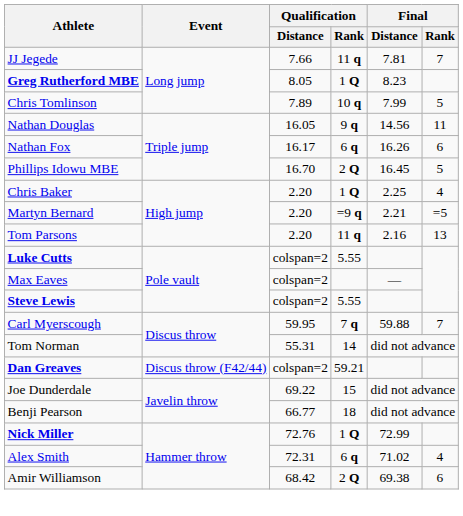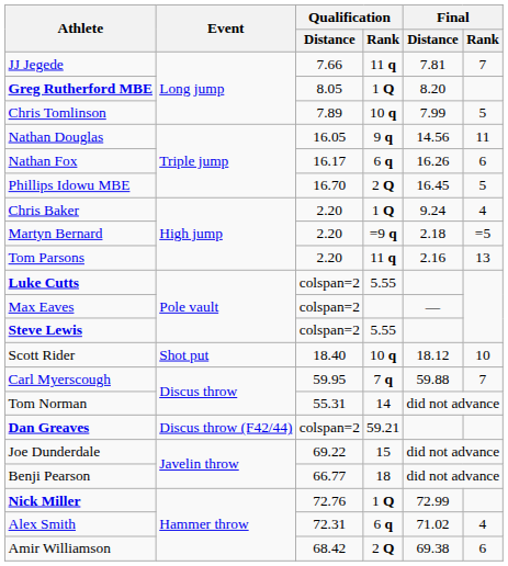 <table class="wikitable" style="font-size:90%">
 <tr>
 <th rowspan=2>Athlete</th>
 <th rowspan=2>Event</th>
 <th colspan=2>Qualification</th>
 <th colspan=2>Final</th>
 </tr>
 <tr style="font-size:95%">
 <th>Distance</th>
 <th>Rank</th>
 <th>Distance</th>
 <th>Rank</th>
 </tr>
 <tr align=center>
 <td align=left><a href='#'>JJ Jegede</a></td>
 <td style="text-align:left;" rowspan="3"><a href='#'>Long jump</a></td>
 <td>7.66</td>
 <td>11 <strong>q</strong></td>
 <td>7.81</td>
 <td>7</td>
 </tr>
 <tr align=center>
 <td align=left><strong><a href='#'>Greg Rutherford MBE</a></strong></td>
 <td>8.05</td>
 <td>1 <strong>Q</strong></td>
-<td>8.23</td>
+<td>8.20</td>
 <td></td>
 </tr>
 <tr align=center>
 <td align=left><a href='#'>Chris Tomlinson</a></td>
 <td>7.89</td>
 <td>10 <strong>q</strong></td>
 <td>7.99</td>
 <td>5</td>
 </tr>
 <tr align=center>
 <td align=left><a href='#'>Nathan Douglas</a></td>
 <td style="text-align:left;" rowspan="3"><a href='#'>Triple jump</a></td>
 <td>16.05</td>
 <td>9 <strong>q</strong></td>
 <td>14.56</td>
 <td>11</td>
 </tr>
 <tr align=center>
 <td align=left><a href='#'>Nathan Fox</a></td>
 <td>16.17</td>
 <td>6 <strong>q</strong></td>
 <td>16.26</td>
 <td>6</td>
 </tr>
 <tr align=center>
 <td align=left><a href='#'>Phillips Idowu MBE</a></td>
 <td>16.70</td>
 <td>2 <strong>Q</strong></td>
 <td>16.45</td>
 <td>5</td>
 </tr>
 <tr align=center>
 <td align=left><a href='#'>Chris Baker</a></td>
 <td style="text-align:left;" rowspan="3"><a href='#'>High jump</a></td>
 <td>2.20</td>
 <td>1 <strong>Q</strong></td>
-<td>2.25</td>
+<td>9.24</td>
 <td>4</td>
 </tr>
 <tr align=center>
 <td align=left><a href='#'>Martyn Bernard</a></td>
 <td>2.20</td>
 <td>=9 <strong>q</strong></td>
-<td>2.21</td>
+<td>2.18</td>
 <td>=5</td>
 </tr>
 <tr align=center>
 <td align=left><a href='#'>Tom Parsons</a></td>
 <td>2.20</td>
 <td>11 <strong>q</strong></td>
 <td>2.16</td>
 <td>13</td>
 </tr>
 <tr align=center>
 <td align=left><strong><a href='#'>Luke Cutts</a></strong></td>
 <td style="text-align:left;" rowspan="3"><a href='#'>Pole vault</a></td>
 <td>colspan=2 </td>
 <td>5.55</td>
 <td></td>
 </tr>
 <tr align=center>
 <td align=left><a href='#'>Max Eaves</a></td>
 <td>colspan=2 </td>
 <td></td>
 <td>—</td>
 </tr>
 <tr align=center>
 <td align=left><strong><a href='#'>Steve Lewis</a></strong></td>
 <td>colspan=2 </td>
 <td>5.55</td>
 <td></td>
+</tr>
+<tr align=center>
+<td align=left>Scott Rider</td>
+<td align=left><a href='#'>Shot put</a></td>
+<td>18.40</td>
+<td>10 <strong>q</strong></td>
+<td>18.12</td>
+<td>10</td>
 </tr>
 <tr align=center>
 <td align=left><a href='#'>Carl Myerscough</a></td>
 <td style="text-align:left;" rowspan="2"><a href='#'>Discus throw</a></td>
 <td>59.95</td>
 <td>7 <strong>q</strong></td>
 <td>59.88</td>
 <td>7</td>
 </tr>
 <tr align=center>
 <td align=left>Tom Norman</td>
 <td>55.31</td>
 <td>14</td>
 <td colspan=2>did not advance</td>
 </tr>
 <tr align=center>
 <td align=left><strong><a href='#'>Dan Greaves</a></strong></td>
 <td align=left><a href='#'>Discus throw (F42/44)</a></td>
 <td>colspan=2 </td>
 <td>59.21</td>
 <td></td>
 </tr>
 <tr align=center>
 <td align=left>Joe Dunderdale</td>
 <td style="text-align:left;" rowspan="2"><a href='#'>Javelin throw</a></td>
 <td>69.22</td>
 <td>15</td>
 <td colspan=2>did not advance</td>
 </tr>
 <tr align=center>
 <td align=left>Benji Pearson</td>
 <td>66.77</td>
 <td>18</td>
 <td colspan=2>did not advance</td>
 </tr>
 <tr align=center>
 <td align=left><strong><a href='#'>Nick Miller</a></strong></td>
 <td style="text-align:left;" rowspan="3"><a href='#'>Hammer throw</a></td>
 <td>72.76</td>
 <td>1 <strong>Q</strong></td>
 <td>72.99</td>
 <td></td>
 </tr>
 <tr align=center>
 <td align=left><a href='#'>Alex Smith</a></td>
 <td>72.31</td>
 <td>6 <strong>q</strong></td>
 <td>71.02</td>
 <td>4</td>
 </tr>
 <tr align=center>
 <td align=left>Amir Williamson</td>
 <td>68.42</td>
 <td>2 <strong>Q</strong></td>
 <td>69.38</td>
 <td>6</td>
 </tr>
 </table>
